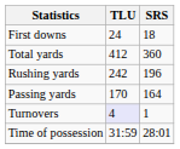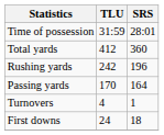 <table class="wikitable" style="float: left;">
 <tr>
 <th>Statistics</th>
 <th>TLU</th>
 <th>SRS</th>
 </tr>
 <tr>
-<td>First downs</td>
-<td>24</td>
-<td>18</td>
+<td>Time of possession</td>
+<td>31:59</td>
+<td>28:01</td>
 </tr>
 <tr>
 <td>Total yards</td>
 <td>412</td>
 <td>360</td>
 </tr>
 <tr>
 <td>Rushing yards</td>
 <td>242</td>
 <td>196</td>
 </tr>
 <tr>
 <td>Passing yards</td>
 <td>170</td>
 <td>164</td>
 </tr>
 <tr>
 <td>Turnovers</td>
-<td style="background: lavender;">4</td>
+<td>4</td>
 <td>1</td>
 </tr>
 <tr>
-<td>Time of possession</td>
-<td>31:59</td>
-<td>28:01</td>
+<td>First downs</td>
+<td>24</td>
+<td>18</td>
 </tr>
 <tr>
 </tr>
 </table>
